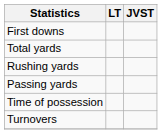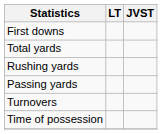 <table class="wikitable">
 <tr>
 <th>Statistics</th>
 <th>LT</th>
 <th>JVST</th>
 </tr>
 <tr>
 <td>First downs</td>
 <td></td>
 <td></td>
 </tr>
 <tr>
 <td>Total yards</td>
 <td></td>
 <td></td>
 </tr>
 <tr>
 <td>Rushing yards</td>
 <td></td>
 <td></td>
 </tr>
 <tr>
 <td>Passing yards</td>
 <td></td>
 <td></td>
 </tr>
 <tr>
-<td>Time of possession</td>
+<td>Turnovers</td>
 <td></td>
 <td></td>
 </tr>
 <tr>
-<td>Turnovers</td>
+<td>Time of possession</td>
 <td></td>
 <td></td>
 </tr>
 <tr>
 </tr>
 </table>
